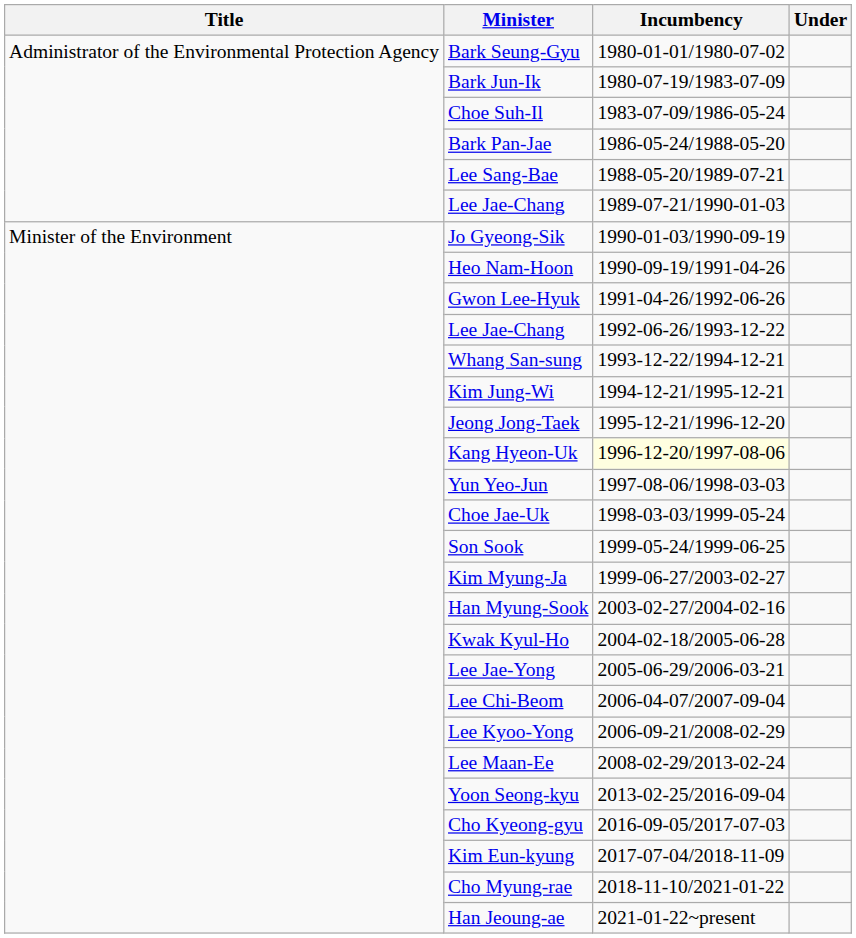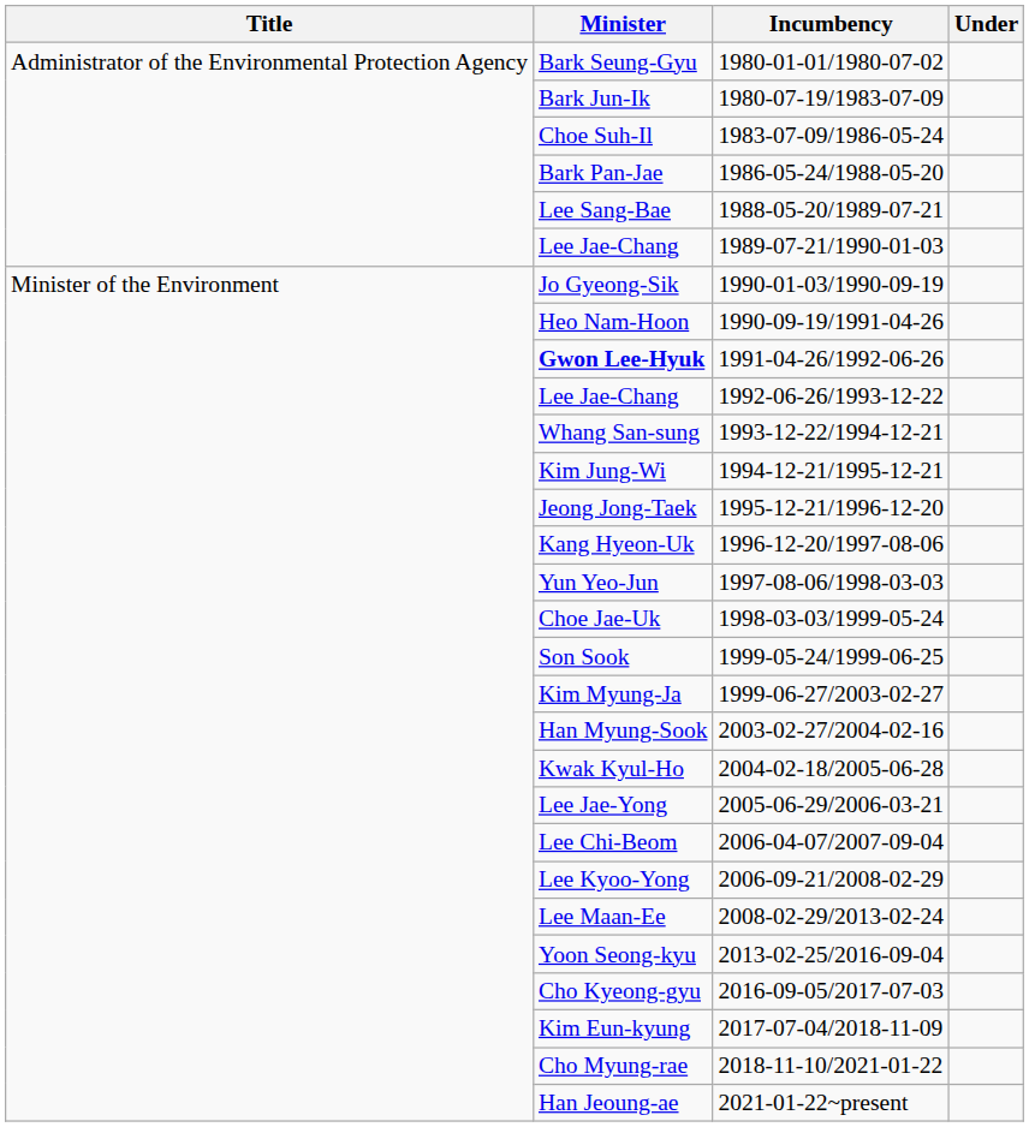 <table class="wikitable" align="center">
 <tr>
 <th>Title</th>
 <th><a href='#'>Minister</a></th>
 <th>Incumbency</th>
 <th>Under</th>
 </tr>
 <tr>
 <td rowspan="6" valign="top">Administrator of the Environmental Protection Agency</td>
 <td><a href='#'>Bark Seung-Gyu</a></td>
 <td>1980-01-01/1980-07-02</td>
 <td></td>
 </tr>
 <tr>
 <td><a href='#'>Bark Jun-Ik</a></td>
 <td>1980-07-19/1983-07-09</td>
 <td></td>
 </tr>
 <tr>
 <td><a href='#'>Choe Suh-Il</a></td>
 <td>1983-07-09/1986-05-24</td>
 <td></td>
 </tr>
 <tr>
 <td><a href='#'>Bark Pan-Jae</a></td>
 <td>1986-05-24/1988-05-20</td>
 <td></td>
 </tr>
 <tr>
 <td><a href='#'>Lee Sang-Bae</a></td>
 <td>1988-05-20/1989-07-21</td>
 <td></td>
 </tr>
 <tr>
 <td><a href='#'>Lee Jae-Chang</a></td>
 <td>1989-07-21/1990-01-03</td>
 <td></td>
 </tr>
 <tr>
 <td rowspan="23" valign="top">Minister of the Environment</td>
 <td><a href='#'>Jo Gyeong-Sik</a></td>
 <td>1990-01-03/1990-09-19</td>
 <td></td>
 </tr>
 <tr>
 <td><a href='#'>Heo Nam-Hoon</a></td>
 <td>1990-09-19/1991-04-26</td>
 <td></td>
 </tr>
 <tr>
-<td><a href='#'>Gwon Lee-Hyuk</a></td>
+<td><strong><a href='#'>Gwon Lee-Hyuk</a></strong></td>
 <td>1991-04-26/1992-06-26</td>
 <td></td>
 </tr>
 <tr>
 <td><a href='#'>Lee Jae-Chang</a></td>
 <td>1992-06-26/1993-12-22</td>
 <td></td>
 </tr>
 <tr>
 <td><a href='#'>Whang San-sung</a></td>
 <td>1993-12-22/1994-12-21</td>
 <td></td>
 </tr>
 <tr>
 <td><a href='#'>Kim Jung-Wi</a></td>
 <td>1994-12-21/1995-12-21</td>
 <td></td>
 </tr>
 <tr>
 <td><a href='#'>Jeong Jong-Taek</a></td>
 <td>1995-12-21/1996-12-20</td>
 <td></td>
 </tr>
 <tr>
 <td><a href='#'>Kang Hyeon-Uk</a></td>
-<td style="background: lightyellow;">1996-12-20/1997-08-06</td>
+<td>1996-12-20/1997-08-06</td>
 <td></td>
 </tr>
 <tr>
 <td><a href='#'>Yun Yeo-Jun</a></td>
 <td>1997-08-06/1998-03-03</td>
 <td></td>
 </tr>
 <tr>
 <td><a href='#'>Choe Jae-Uk</a></td>
 <td>1998-03-03/1999-05-24</td>
 <td></td>
 </tr>
 <tr>
 <td><a href='#'>Son Sook</a></td>
 <td>1999-05-24/1999-06-25</td>
 <td></td>
 </tr>
 <tr>
 <td><a href='#'>Kim Myung-Ja</a></td>
 <td>1999-06-27/2003-02-27</td>
 <td></td>
 </tr>
 <tr>
 <td><a href='#'>Han Myung-Sook</a></td>
 <td>2003-02-27/2004-02-16</td>
 <td></td>
 </tr>
 <tr>
 <td><a href='#'>Kwak Kyul-Ho</a></td>
 <td>2004-02-18/2005-06-28</td>
 <td></td>
 </tr>
 <tr>
 <td><a href='#'>Lee Jae-Yong</a></td>
 <td>2005-06-29/2006-03-21</td>
 <td></td>
 </tr>
 <tr>
 <td><a href='#'>Lee Chi-Beom</a></td>
 <td>2006-04-07/2007-09-04</td>
 <td></td>
 </tr>
 <tr>
 <td><a href='#'>Lee Kyoo-Yong</a></td>
 <td>2006-09-21/2008-02-29</td>
 <td></td>
 </tr>
 <tr>
 <td><a href='#'>Lee Maan-Ee</a></td>
 <td>2008-02-29/2013-02-24</td>
 <td></td>
 </tr>
 <tr>
 <td><a href='#'>Yoon Seong-kyu</a></td>
 <td>2013-02-25/2016-09-04</td>
 <td></td>
 </tr>
 <tr>
 <td><a href='#'>Cho Kyeong-gyu</a></td>
 <td>2016-09-05/2017-07-03</td>
 <td></td>
 </tr>
 <tr>
 <td><a href='#'>Kim Eun-kyung</a></td>
 <td>2017-07-04/2018-11-09</td>
 <td></td>
 </tr>
 <tr>
 <td><a href='#'>Cho Myung-rae</a></td>
 <td>2018-11-10/2021-01-22</td>
 <td></td>
 </tr>
 <tr>
 <td><a href='#'>Han Jeoung-ae</a></td>
 <td>2021-01-22~present</td>
 <td></td>
 </tr>
 </table>
